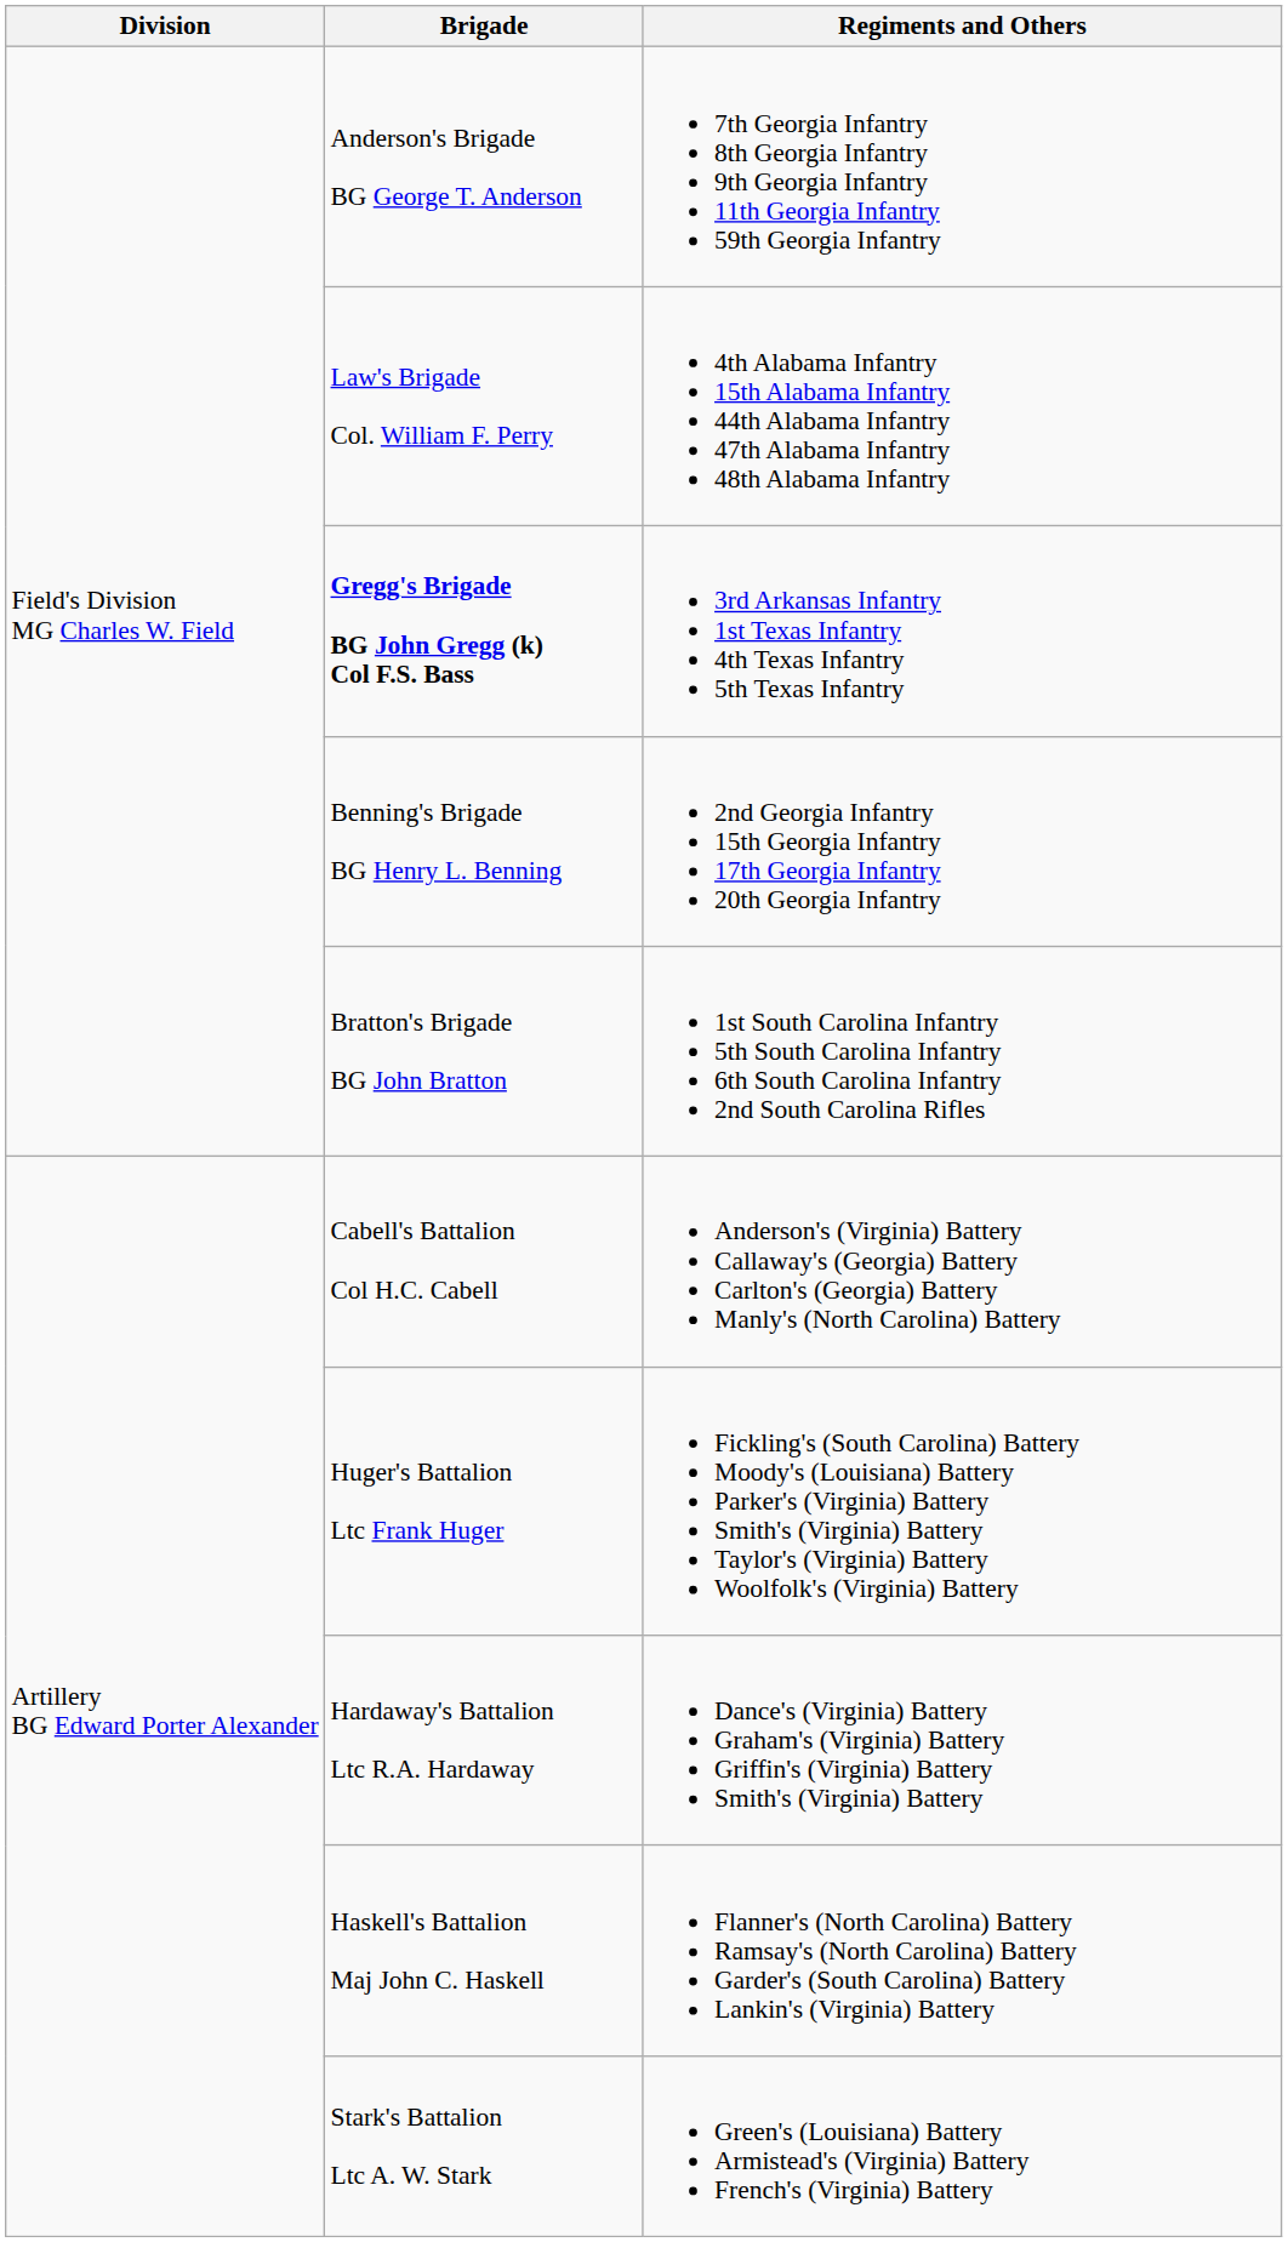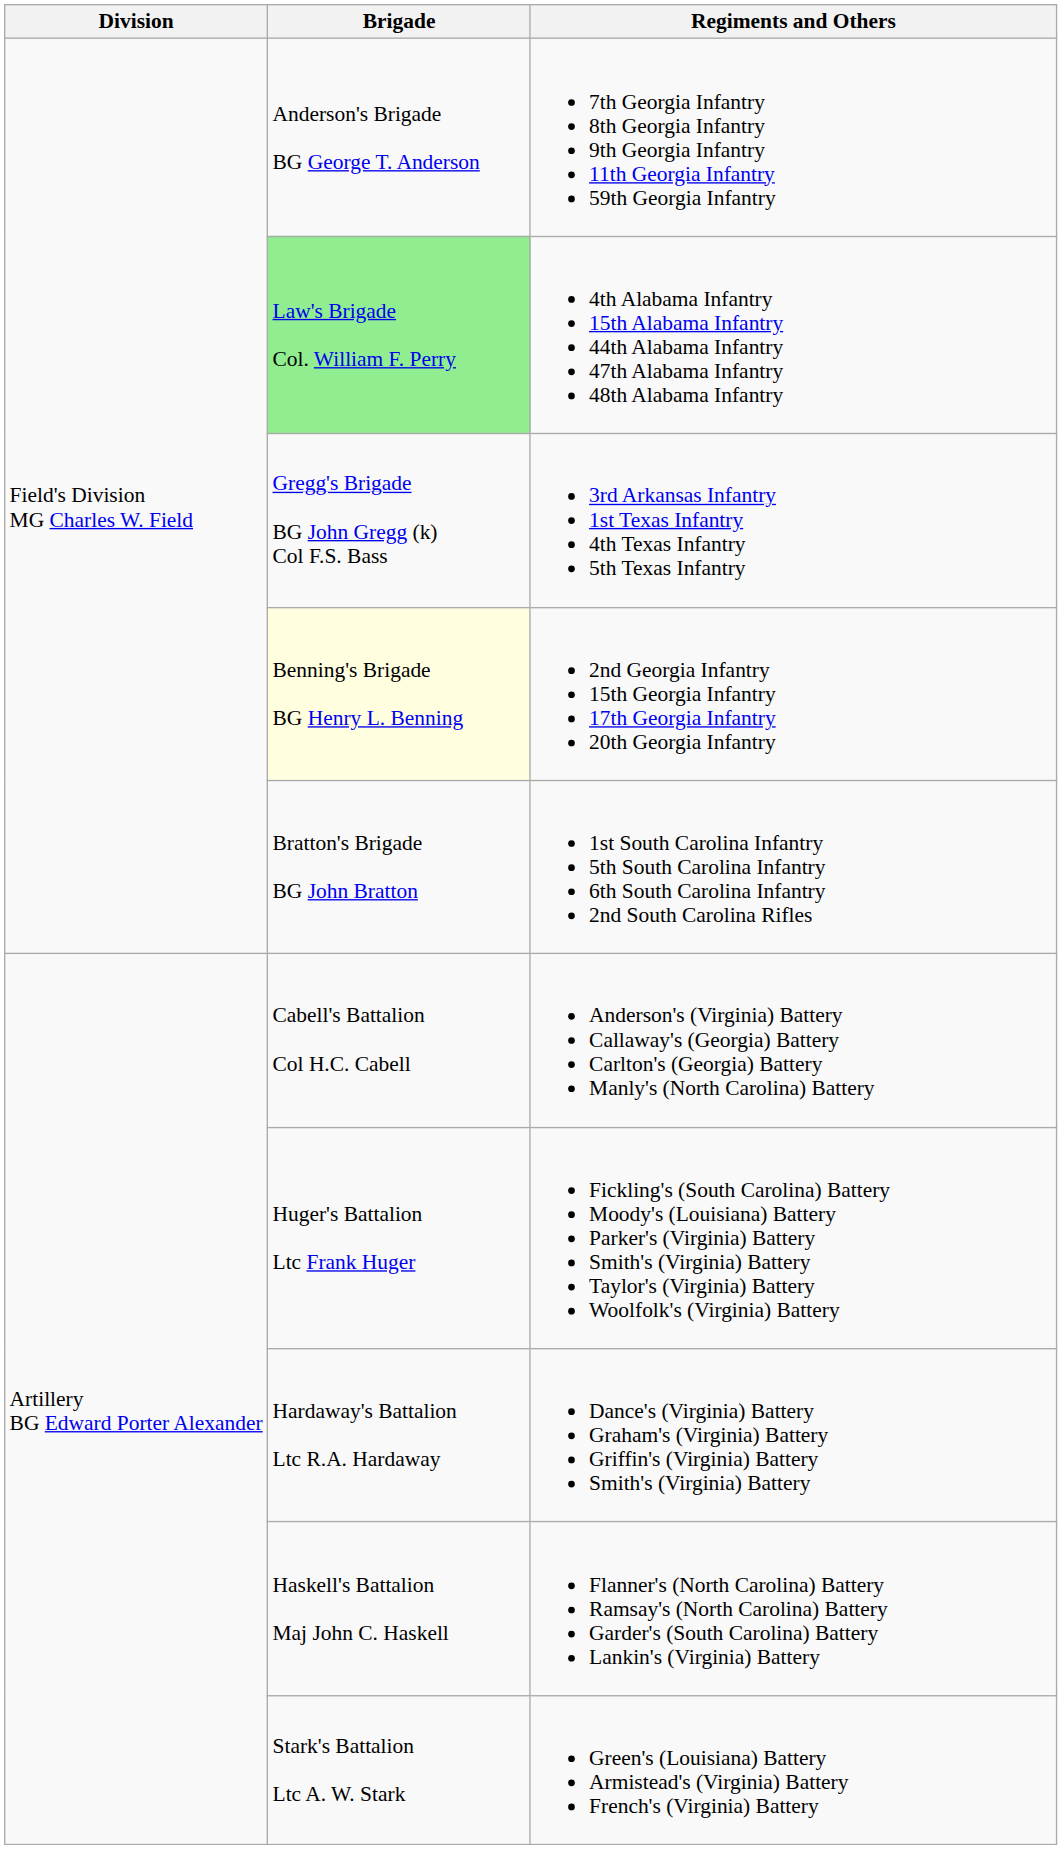 <table class="wikitable">
 <tr>
 <th style="width:25%;">Division</th>
 <th style="width:25%;">Brigade</th>
 <th>Regiments and Others</th>
 </tr>
 <tr>
 <td rowspan=5><br>Field's Division <br> MG <a href='#'>Charles W. Field</a></td>
 <td>Anderson's Brigade<br><br> BG <a href='#'>George T. Anderson</a></td>
 <td><br><ul><li>7th Georgia Infantry</li><li>8th Georgia Infantry</li><li>9th Georgia Infantry</li><li><a href='#'>11th Georgia Infantry</a></li><li>59th Georgia Infantry</li></ul></td>
 </tr>
 <tr>
-<td><a href='#'>Law's Brigade</a><br><br> Col. <a href='#'>William F. Perry</a></td>
+<td style="background: lightgreen;"><a href='#'>Law's Brigade</a><br><br> Col. <a href='#'>William F. Perry</a></td>
 <td><br><ul><li>4th Alabama Infantry</li><li><a href='#'>15th Alabama Infantry</a></li><li>44th Alabama Infantry</li><li>47th Alabama Infantry</li><li>48th Alabama Infantry</li></ul></td>
 </tr>
 <tr>
-<td><strong><a href='#'>Gregg's Brigade</a><br><br> BG <a href='#'>John Gregg</a> (k) <br> Col F.S. Bass</strong></td>
+<td><a href='#'>Gregg's Brigade</a><br><br> BG <a href='#'>John Gregg</a> (k) <br> Col F.S. Bass</td>
 <td><br><ul><li><a href='#'>3rd Arkansas Infantry</a></li><li><a href='#'>1st Texas Infantry</a></li><li>4th Texas Infantry</li><li>5th Texas Infantry</li></ul></td>
 </tr>
 <tr>
-<td>Benning's Brigade<br><br> BG <a href='#'>Henry L. Benning</a></td>
+<td style="background: lightyellow;">Benning's Brigade<br><br> BG <a href='#'>Henry L. Benning</a></td>
 <td><br><ul><li>2nd Georgia Infantry</li><li>15th Georgia Infantry</li><li><a href='#'>17th Georgia Infantry</a></li><li>20th Georgia Infantry</li></ul></td>
 </tr>
 <tr>
 <td>Bratton's Brigade<br><br> BG <a href='#'>John Bratton</a></td>
 <td><br><ul><li>1st South Carolina Infantry</li><li>5th South Carolina Infantry</li><li>6th South Carolina Infantry</li><li>2nd South Carolina Rifles</li></ul></td>
 </tr>
 <tr>
 <td rowspan=5><br>Artillery <br> BG <a href='#'>Edward Porter Alexander</a></td>
 <td>Cabell's Battalion<br><br> Col H.C. Cabell</td>
 <td><br><ul><li>Anderson's (Virginia) Battery</li><li>Callaway's (Georgia) Battery</li><li>Carlton's (Georgia) Battery</li><li>Manly's (North Carolina) Battery</li></ul></td>
 </tr>
 <tr>
 <td>Huger's Battalion<br><br> Ltc <a href='#'>Frank Huger</a></td>
 <td><br><ul><li>Fickling's (South Carolina) Battery</li><li>Moody's (Louisiana) Battery</li><li>Parker's (Virginia) Battery</li><li>Smith's (Virginia) Battery</li><li>Taylor's (Virginia) Battery</li><li>Woolfolk's (Virginia) Battery</li></ul></td>
 </tr>
 <tr>
 <td>Hardaway's Battalion<br><br> Ltc R.A. Hardaway</td>
 <td><br><ul><li>Dance's (Virginia) Battery</li><li>Graham's (Virginia) Battery</li><li>Griffin's (Virginia) Battery</li><li>Smith's (Virginia) Battery</li></ul></td>
 </tr>
 <tr>
 <td>Haskell's Battalion<br><br> Maj John C. Haskell</td>
 <td><br><ul><li>Flanner's (North Carolina) Battery</li><li>Ramsay's (North Carolina) Battery</li><li>Garder's (South Carolina) Battery</li><li>Lankin's (Virginia) Battery</li></ul></td>
 </tr>
 <tr>
 <td>Stark's Battalion<br><br> Ltc A. W. Stark</td>
 <td><br><ul><li>Green's (Louisiana) Battery</li><li>Armistead's (Virginia) Battery</li><li>French's (Virginia) Battery</li></ul></td>
 </tr>
 </table>
